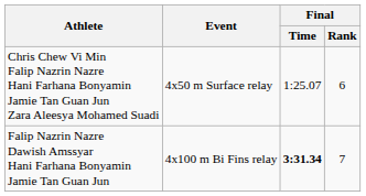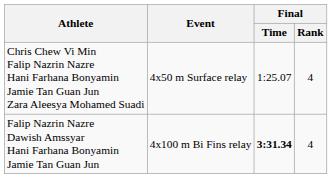 <table class="wikitable" style="font-size:90%">
 <tr>
 <th rowspan="2">Athlete</th>
 <th rowspan="2">Event</th>
 <th colspan="2">Final</th>
 </tr>
 <tr>
 <th>Time</th>
 <th>Rank</th>
 </tr>
 <tr align="center">
 <td align="left">Chris Chew Vi Min<br>Falip Nazrin Nazre<br>Hani Farhana Bonyamin<br>Jamie Tan Guan Jun<br>Zara Aleesya Mohamed Suadi</td>
 <td align="left">4x50 m Surface relay</td>
 <td>1:25.07</td>
-<td>6</td>
+<td>4</td>
 </tr>
 <tr align="center">
 <td align="left">Falip Nazrin Nazre<br>Dawish Amssyar<br>Hani Farhana Bonyamin<br>Jamie Tan Guan Jun</td>
 <td align="left">4x100 m Bi Fins relay</td>
 <td><strong>3:31.34</strong></td>
-<td>7</td>
+<td>4</td>
 </tr>
 </table>
